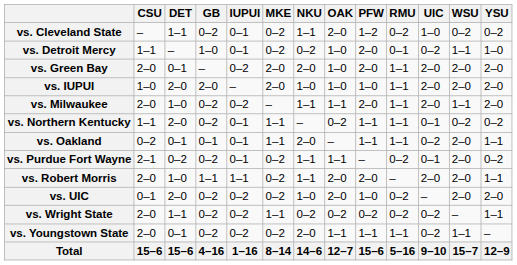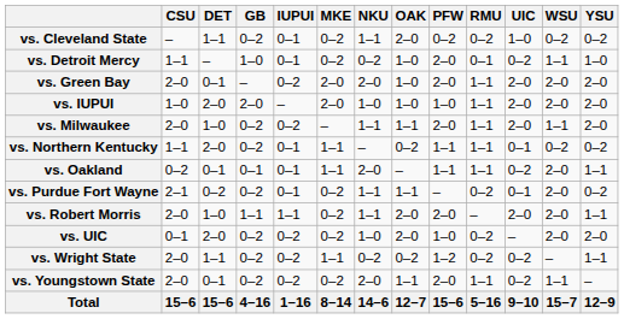 <table class="wikitable">
 <tr>
 <th colspan="1"></th>
 <th>CSU</th>
 <th>DET</th>
 <th>GB</th>
 <th>IUPUI</th>
 <th>MKE</th>
 <th>NKU</th>
 <th>OAK</th>
 <th>PFW</th>
 <th>RMU</th>
 <th>UIC</th>
 <th>WSU</th>
 <th>YSU</th>
 </tr>
 <tr>
 <th>vs. Cleveland State</th>
 <td>–</td>
 <td>1–1</td>
 <td>0–2</td>
 <td>0–1</td>
 <td>0–2</td>
 <td>1–1</td>
 <td>2–0</td>
-<td>1–2</td>
+<td>0–2</td>
 <td>0–2</td>
 <td>1–0</td>
 <td>0–2</td>
 <td>0–2</td>
 </tr>
 <tr>
 <th>vs. Detroit Mercy</th>
 <td>1–1</td>
 <td>–</td>
 <td>1–0</td>
 <td>0–1</td>
 <td>0–2</td>
 <td>0–2</td>
 <td>1–0</td>
 <td>2–0</td>
 <td>0–1</td>
 <td>0–2</td>
 <td>1–1</td>
 <td>1–0</td>
 </tr>
 <tr>
 <th>vs. Green Bay</th>
 <td>2–0</td>
 <td>0–1</td>
 <td>–</td>
 <td>0–2</td>
 <td>2–0</td>
 <td>2–0</td>
 <td>1–0</td>
 <td>2–0</td>
 <td>1–1</td>
 <td>2–0</td>
 <td>2–0</td>
 <td>2–0</td>
 </tr>
 <tr>
 <th>vs. IUPUI</th>
 <td>1–0</td>
 <td>2–0</td>
 <td>2–0</td>
 <td>–</td>
 <td>2–0</td>
 <td>1–0</td>
 <td>1–0</td>
 <td>1–0</td>
 <td>1–1</td>
 <td>2–0</td>
 <td>2–0</td>
 <td>2–0</td>
 </tr>
 <tr>
 <th>vs. Milwaukee</th>
 <td>2–0</td>
 <td>1–0</td>
 <td>0–2</td>
 <td>0–2</td>
 <td>–</td>
 <td>1–1</td>
 <td>1–1</td>
 <td>2–0</td>
 <td>1–1</td>
 <td>2–0</td>
 <td>1–1</td>
 <td>2–0</td>
 </tr>
 <tr>
 <th>vs. Northern Kentucky</th>
 <td>1–1</td>
 <td>2–0</td>
 <td>0–2</td>
 <td>0–1</td>
 <td>1–1</td>
 <td>–</td>
 <td>0–2</td>
 <td>1–1</td>
 <td>1–1</td>
 <td>0–1</td>
 <td>0–2</td>
 <td>0–2</td>
 </tr>
 <tr>
 <th>vs. Oakland</th>
 <td>0–2</td>
 <td>0–1</td>
 <td>0–1</td>
 <td>0–1</td>
 <td>1–1</td>
 <td>2–0</td>
 <td>–</td>
 <td>1–1</td>
 <td>1–1</td>
 <td>0–2</td>
 <td>2–0</td>
 <td>1–1</td>
 </tr>
 <tr>
 <th>vs. Purdue Fort Wayne</th>
 <td>2–1</td>
 <td>0–2</td>
 <td>0–2</td>
 <td>0–1</td>
 <td>0–2</td>
 <td>1–1</td>
 <td>1–1</td>
 <td>–</td>
 <td>0–2</td>
 <td>0–1</td>
 <td>2–0</td>
 <td>0–2</td>
 </tr>
 <tr>
 <th>vs. Robert Morris</th>
 <td>2–0</td>
 <td>1–0</td>
 <td>1–1</td>
 <td>1–1</td>
 <td>0–2</td>
 <td>1–1</td>
 <td>2–0</td>
 <td>2–0</td>
 <td>–</td>
 <td>2–0</td>
 <td>2–0</td>
 <td>1–1</td>
 </tr>
 <tr>
 <th>vs. UIC</th>
 <td>0–1</td>
 <td>2–0</td>
 <td>0–2</td>
 <td>0–2</td>
 <td>0–2</td>
 <td>1–0</td>
 <td>2–0</td>
 <td>1–0</td>
 <td>0–2</td>
 <td>–</td>
 <td>2–0</td>
 <td>2–0</td>
 </tr>
 <tr>
 <th>vs. Wright State</th>
 <td>2–0</td>
 <td>1–1</td>
 <td>0–2</td>
 <td>0–2</td>
 <td>1–1</td>
 <td>0–2</td>
 <td>0–2</td>
-<td>0–2</td>
+<td>1–2</td>
 <td>0–2</td>
 <td>0–2</td>
 <td>–</td>
 <td>1–1</td>
 </tr>
 <tr>
 <th>vs. Youngstown State</th>
 <td>2–0</td>
 <td>0–1</td>
 <td>0–2</td>
 <td>0–2</td>
 <td>0–2</td>
 <td>2–0</td>
 <td>1–1</td>
-<td>1–1</td>
+<td>2–0</td>
 <td>1–1</td>
 <td>0–2</td>
 <td>1–1</td>
 <td>–</td>
 </tr>
 <tr>
 <th>Total</th>
 <th>15–6</th>
 <th>15–6</th>
 <th>4–16</th>
 <th>1–16</th>
 <th>8–14</th>
 <th>14–6</th>
 <th>12–7</th>
 <th>15–6</th>
 <th>5–16</th>
 <th>9–10</th>
 <th>15–7</th>
 <th>12–9</th>
 </tr>
 </table>
